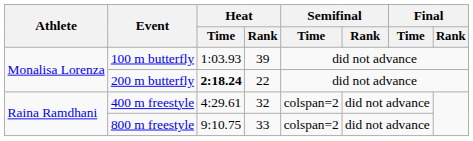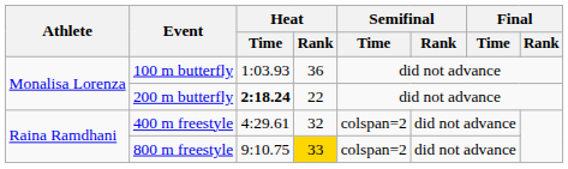 <table class=wikitable style="font-size:90%">
 <tr>
 <th rowspan="2">Athlete</th>
 <th rowspan="2">Event</th>
 <th colspan="2">Heat</th>
 <th colspan="2">Semifinal</th>
 <th colspan="2">Final</th>
 </tr>
 <tr style="font-size:95%">
 <th>Time</th>
 <th>Rank</th>
 <th>Time</th>
 <th>Rank</th>
 <th>Time</th>
 <th>Rank</th>
 </tr>
 <tr align=center>
 <td align=left rowspan=2><a href='#'>Monalisa Lorenza</a></td>
 <td align=left><a href='#'>100 m butterfly</a></td>
 <td>1:03.93</td>
-<td>39</td>
+<td>36</td>
 <td colspan=4>did not advance</td>
 </tr>
 <tr align=center>
 <td align=left><a href='#'>200 m butterfly</a></td>
 <td><strong>2:18.24</strong></td>
 <td>22</td>
 <td colspan=4>did not advance</td>
 </tr>
 <tr align=center>
 <td align=left rowspan=2><a href='#'>Raina Ramdhani</a></td>
 <td align=left><a href='#'>400 m freestyle</a></td>
 <td>4:29.61</td>
 <td>32</td>
 <td>colspan=2 </td>
 <td colspan=2>did not advance</td>
 </tr>
 <tr align=center>
 <td align=left><a href='#'>800 m freestyle</a></td>
 <td>9:10.75</td>
-<td>33</td>
+<td style="background: gold;">33</td>
 <td>colspan=2 </td>
 <td colspan=2>did not advance</td>
 </tr>
 </table>
